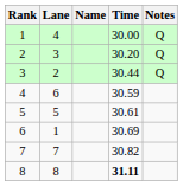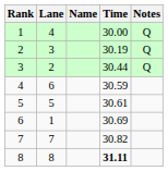 <table class="wikitable sortable" style="text-align:center">
 <tr>
 <th>Rank</th>
 <th>Lane</th>
 <th>Name</th>
 <th>Time</th>
 <th>Notes</th>
 </tr>
 <tr bgcolor=ccffcc>
 <td>1</td>
 <td>4</td>
 <td align=left></td>
 <td>30.00</td>
 <td>Q</td>
 </tr>
 <tr bgcolor=ccffcc>
 <td>2</td>
 <td>3</td>
 <td align=left></td>
-<td>30.20</td>
+<td>30.19</td>
 <td>Q</td>
 </tr>
 <tr bgcolor=ccffcc>
 <td>3</td>
 <td>2</td>
 <td align=left></td>
 <td>30.44</td>
 <td>Q</td>
 </tr>
 <tr>
 <td>4</td>
 <td>6</td>
 <td align=left></td>
 <td>30.59</td>
 <td></td>
 </tr>
 <tr>
 <td>5</td>
 <td>5</td>
 <td align=left></td>
 <td>30.61</td>
 <td></td>
 </tr>
 <tr>
 <td>6</td>
 <td>1</td>
 <td align=left></td>
 <td>30.69</td>
 <td></td>
 </tr>
 <tr>
 <td>7</td>
 <td>7</td>
 <td align=left></td>
 <td>30.82</td>
 <td></td>
 </tr>
 <tr>
 <td>8</td>
 <td>8</td>
 <td align=left></td>
 <td><strong>31.11</strong></td>
 <td></td>
 </tr>
 </table>
